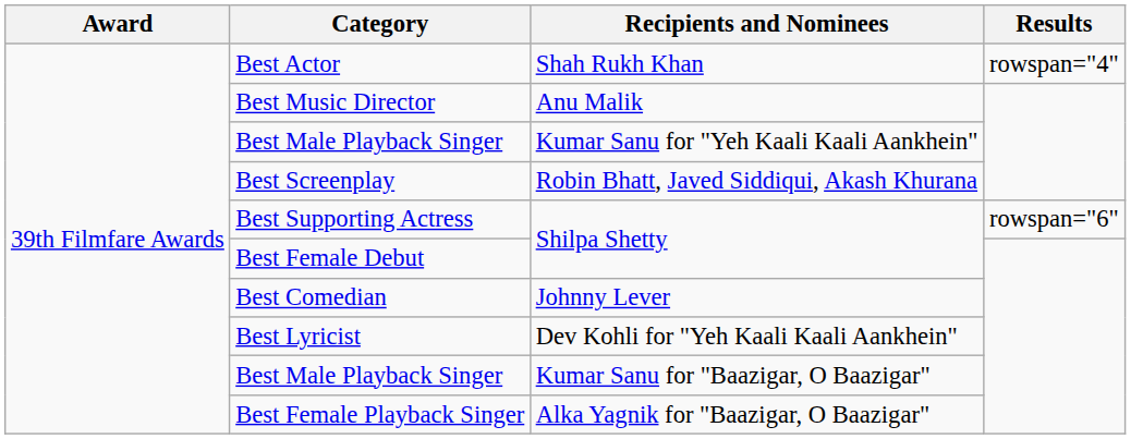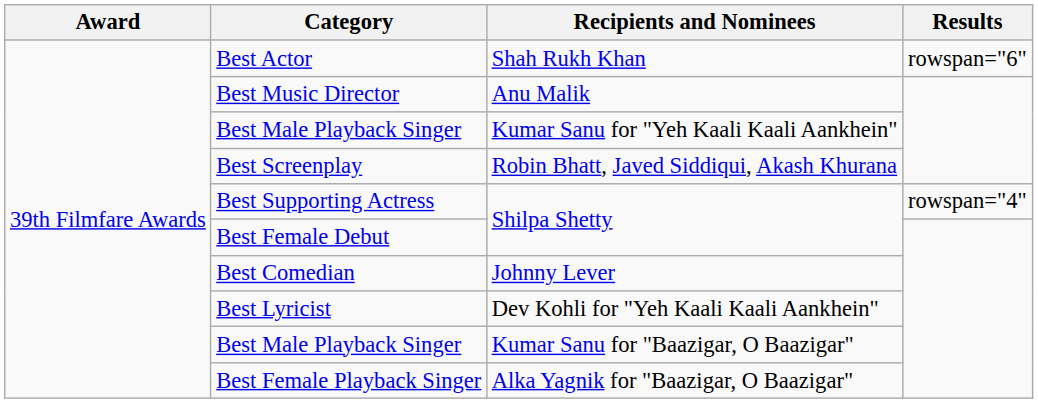 <table class="wikitable plainrowheaders sortable">
 <tr>
 <th>Award</th>
 <th>Category</th>
 <th>Recipients and Nominees</th>
 <th>Results</th>
 </tr>
 <tr>
 <td rowspan="10"><a href='#'>39th Filmfare Awards</a></td>
 <td><a href='#'>Best Actor</a></td>
 <td><a href='#'>Shah Rukh Khan</a></td>
-<td>rowspan="4" </td>
+<td>rowspan="6" </td>
 </tr>
 <tr>
 <td><a href='#'>Best Music Director</a></td>
 <td><a href='#'>Anu Malik</a></td>
 </tr>
 <tr>
 <td><a href='#'>Best Male Playback Singer</a></td>
 <td><a href='#'>Kumar Sanu</a> for "Yeh Kaali Kaali Aankhein"</td>
 </tr>
 <tr>
 <td><a href='#'>Best Screenplay</a></td>
 <td><a href='#'>Robin Bhatt</a>, <a href='#'>Javed Siddiqui</a>, <a href='#'>Akash Khurana</a></td>
 </tr>
 <tr>
 <td><a href='#'>Best Supporting Actress</a></td>
 <td rowspan="2"><a href='#'>Shilpa Shetty</a></td>
-<td>rowspan="6" </td>
+<td>rowspan="4" </td>
 </tr>
 <tr>
 <td><a href='#'>Best Female Debut</a></td>
 </tr>
 <tr>
 <td><a href='#'>Best Comedian</a></td>
 <td><a href='#'>Johnny Lever</a></td>
 </tr>
 <tr>
 <td><a href='#'>Best Lyricist</a></td>
 <td>Dev Kohli for "Yeh Kaali Kaali Aankhein"</td>
 </tr>
 <tr>
 <td><a href='#'>Best Male Playback Singer</a></td>
 <td><a href='#'>Kumar Sanu</a> for "Baazigar, O Baazigar"</td>
 </tr>
 <tr>
 <td><a href='#'>Best Female Playback Singer</a></td>
 <td><a href='#'>Alka Yagnik</a> for "Baazigar, O Baazigar"</td>
 </tr>
 </table>
